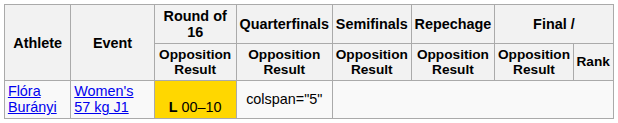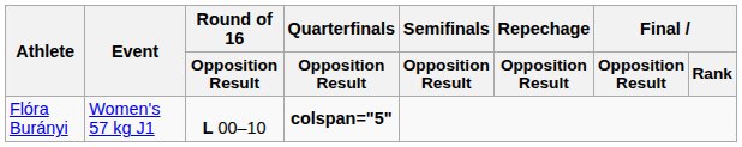 <table class="wikitable" style="font-size:90%">
 <tr>
 <th rowspan="2">Athlete</th>
 <th rowspan="2">Event</th>
 <th>Round of 16</th>
 <th>Quarterfinals</th>
 <th>Semifinals</th>
 <th>Repechage</th>
 <th colspan="2">Final / </th>
 </tr>
 <tr style="font-size:95%">
 <th>Opposition<br>Result</th>
 <th>Opposition<br>Result</th>
 <th>Opposition<br>Result</th>
 <th>Opposition<br>Result</th>
 <th>Opposition<br>Result</th>
 <th>Rank</th>
 </tr>
 <tr align="center">
 <td align="left"><a href='#'>Flóra Burányi</a></td>
 <td align="left"><a href='#'>Women's 57 kg J1</a></td>
-<td style="background: gold;"><br><strong>L</strong> 00–10</td>
-<td>colspan="5" </td>
+<td><br><strong>L</strong> 00–10</td>
+<td><strong>colspan="5" </strong></td>
 </tr>
 </table>
